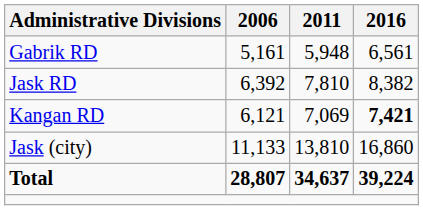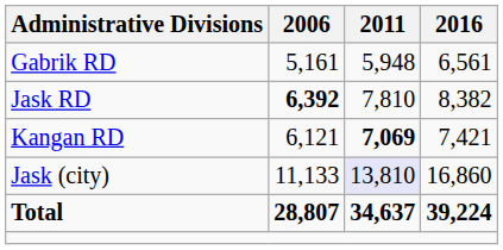 <table class="wikitable">
 <tr>
 <th>Administrative Divisions</th>
 <th>2006</th>
 <th>2011</th>
 <th>2016</th>
 </tr>
 <tr>
 <td><a href='#'>Gabrik RD</a></td>
 <td style="text-align: right;">5,161</td>
 <td style="text-align: right;">5,948</td>
 <td style="text-align: right;">6,561</td>
 </tr>
 <tr>
 <td><a href='#'>Jask RD</a></td>
-<td style="text-align: right;">6,392</td>
+<td style="text-align: right;"><strong>6,392</strong></td>
 <td style="text-align: right;">7,810</td>
 <td style="text-align: right;">8,382</td>
 </tr>
 <tr>
 <td><a href='#'>Kangan RD</a></td>
 <td style="text-align: right;">6,121</td>
-<td style="text-align: right;">7,069</td>
-<td style="text-align: right;"><strong>7,421</strong></td>
+<td style="text-align: right;"><strong>7,069</strong></td>
+<td style="text-align: right;">7,421</td>
 </tr>
 <tr>
 <td><a href='#'>Jask</a> (city)</td>
 <td style="text-align: right;">11,133</td>
-<td style="text-align: right;">13,810</td>
+<td style="background: lavender; text-align: right;">13,810</td>
 <td style="text-align: right;">16,860</td>
 </tr>
 <tr>
 <td><strong>Total</strong></td>
 <td style="text-align: right;"><strong>28,807</strong></td>
 <td style="text-align: right;"><strong>34,637</strong></td>
 <td style="text-align: right;"><strong>39,224</strong></td>
 </tr>
 <tr>
 <td colspan=4></td>
 </tr>
 </table>
